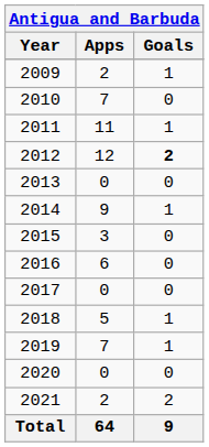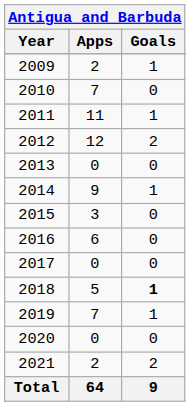 <table class="wikitable" style="text-align:center">
 <tr>
 <th colspan=3><a href='#'>Antigua and Barbuda</a></th>
 </tr>
 <tr>
 <th>Year</th>
 <th>Apps</th>
 <th>Goals</th>
 </tr>
 <tr>
 </tr>
 <tr>
 <td>2009</td>
 <td>2</td>
 <td>1</td>
 </tr>
 <tr>
 <td>2010</td>
 <td>7</td>
 <td>0</td>
 </tr>
 <tr>
 <td>2011</td>
 <td>11</td>
 <td>1</td>
 </tr>
 <tr>
 <td>2012</td>
 <td>12</td>
-<td><strong>2</strong></td>
+<td>2</td>
 </tr>
 <tr>
 <td>2013</td>
 <td>0</td>
 <td>0</td>
 </tr>
 <tr>
 <td>2014</td>
 <td>9</td>
 <td>1</td>
 </tr>
 <tr>
 <td>2015</td>
 <td>3</td>
 <td>0</td>
 </tr>
 <tr>
 <td>2016</td>
 <td>6</td>
 <td>0</td>
 </tr>
 <tr>
 <td>2017</td>
 <td>0</td>
 <td>0</td>
 </tr>
 <tr>
 <td>2018</td>
 <td>5</td>
-<td>1</td>
+<td><strong>1</strong></td>
 </tr>
 <tr>
 <td>2019</td>
 <td>7</td>
 <td>1</td>
 </tr>
 <tr>
 <td>2020</td>
 <td>0</td>
 <td>0</td>
 </tr>
 <tr>
 <td>2021</td>
 <td>2</td>
 <td>2</td>
 </tr>
 <tr>
 <th>Total</th>
 <th>64</th>
 <th>9</th>
 </tr>
 </table>
